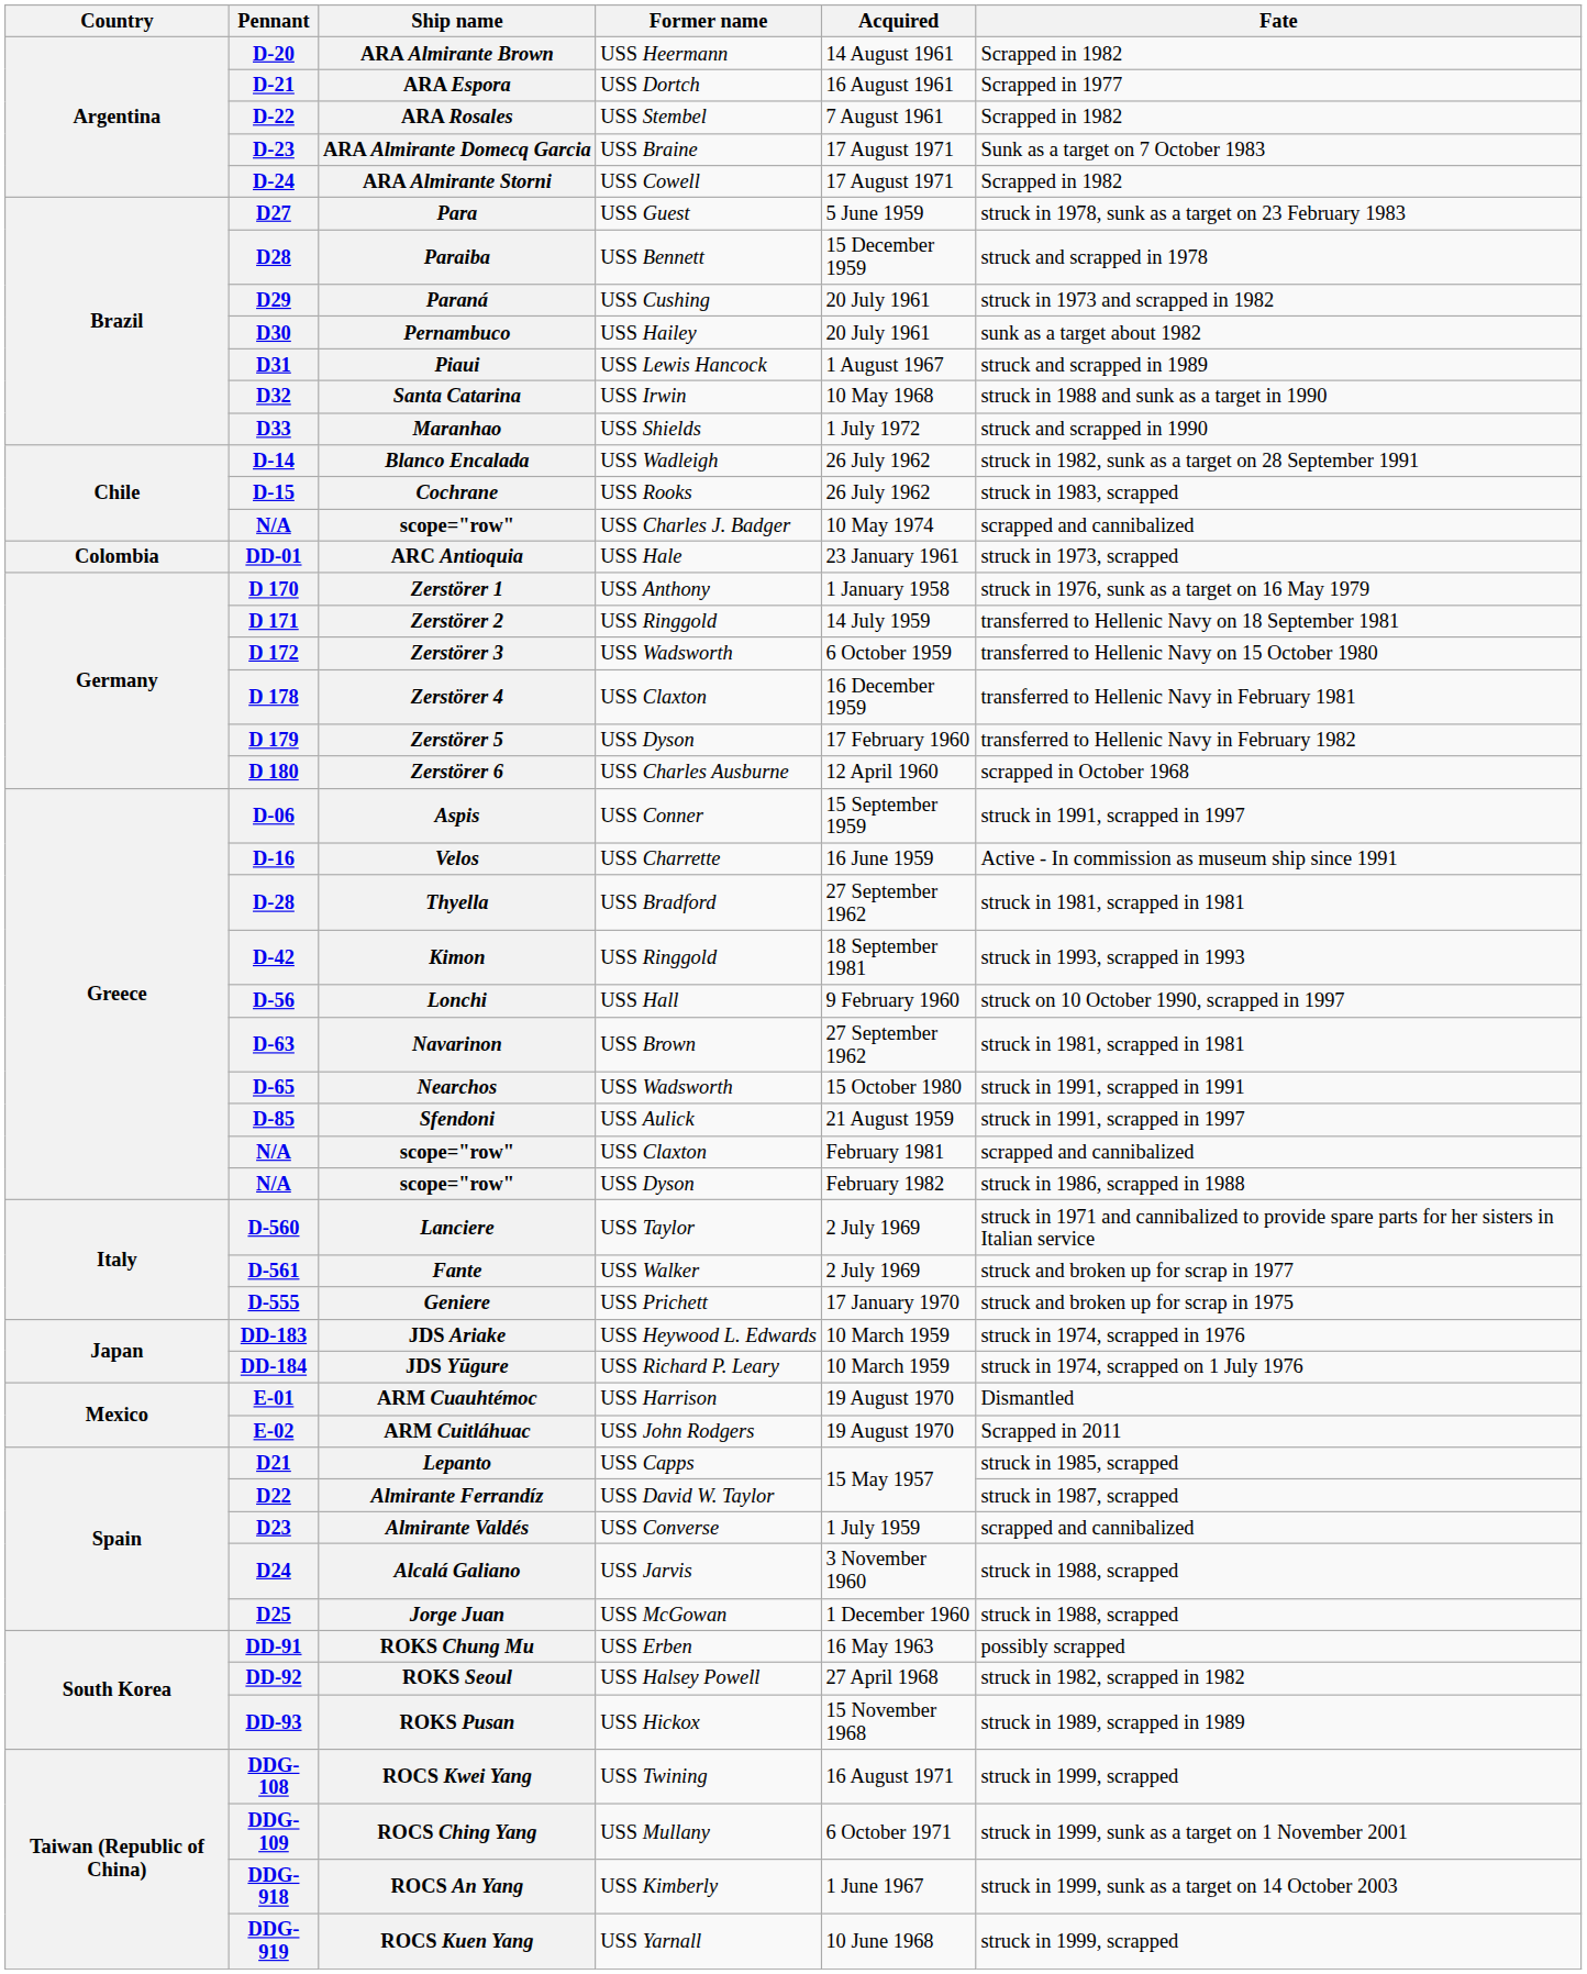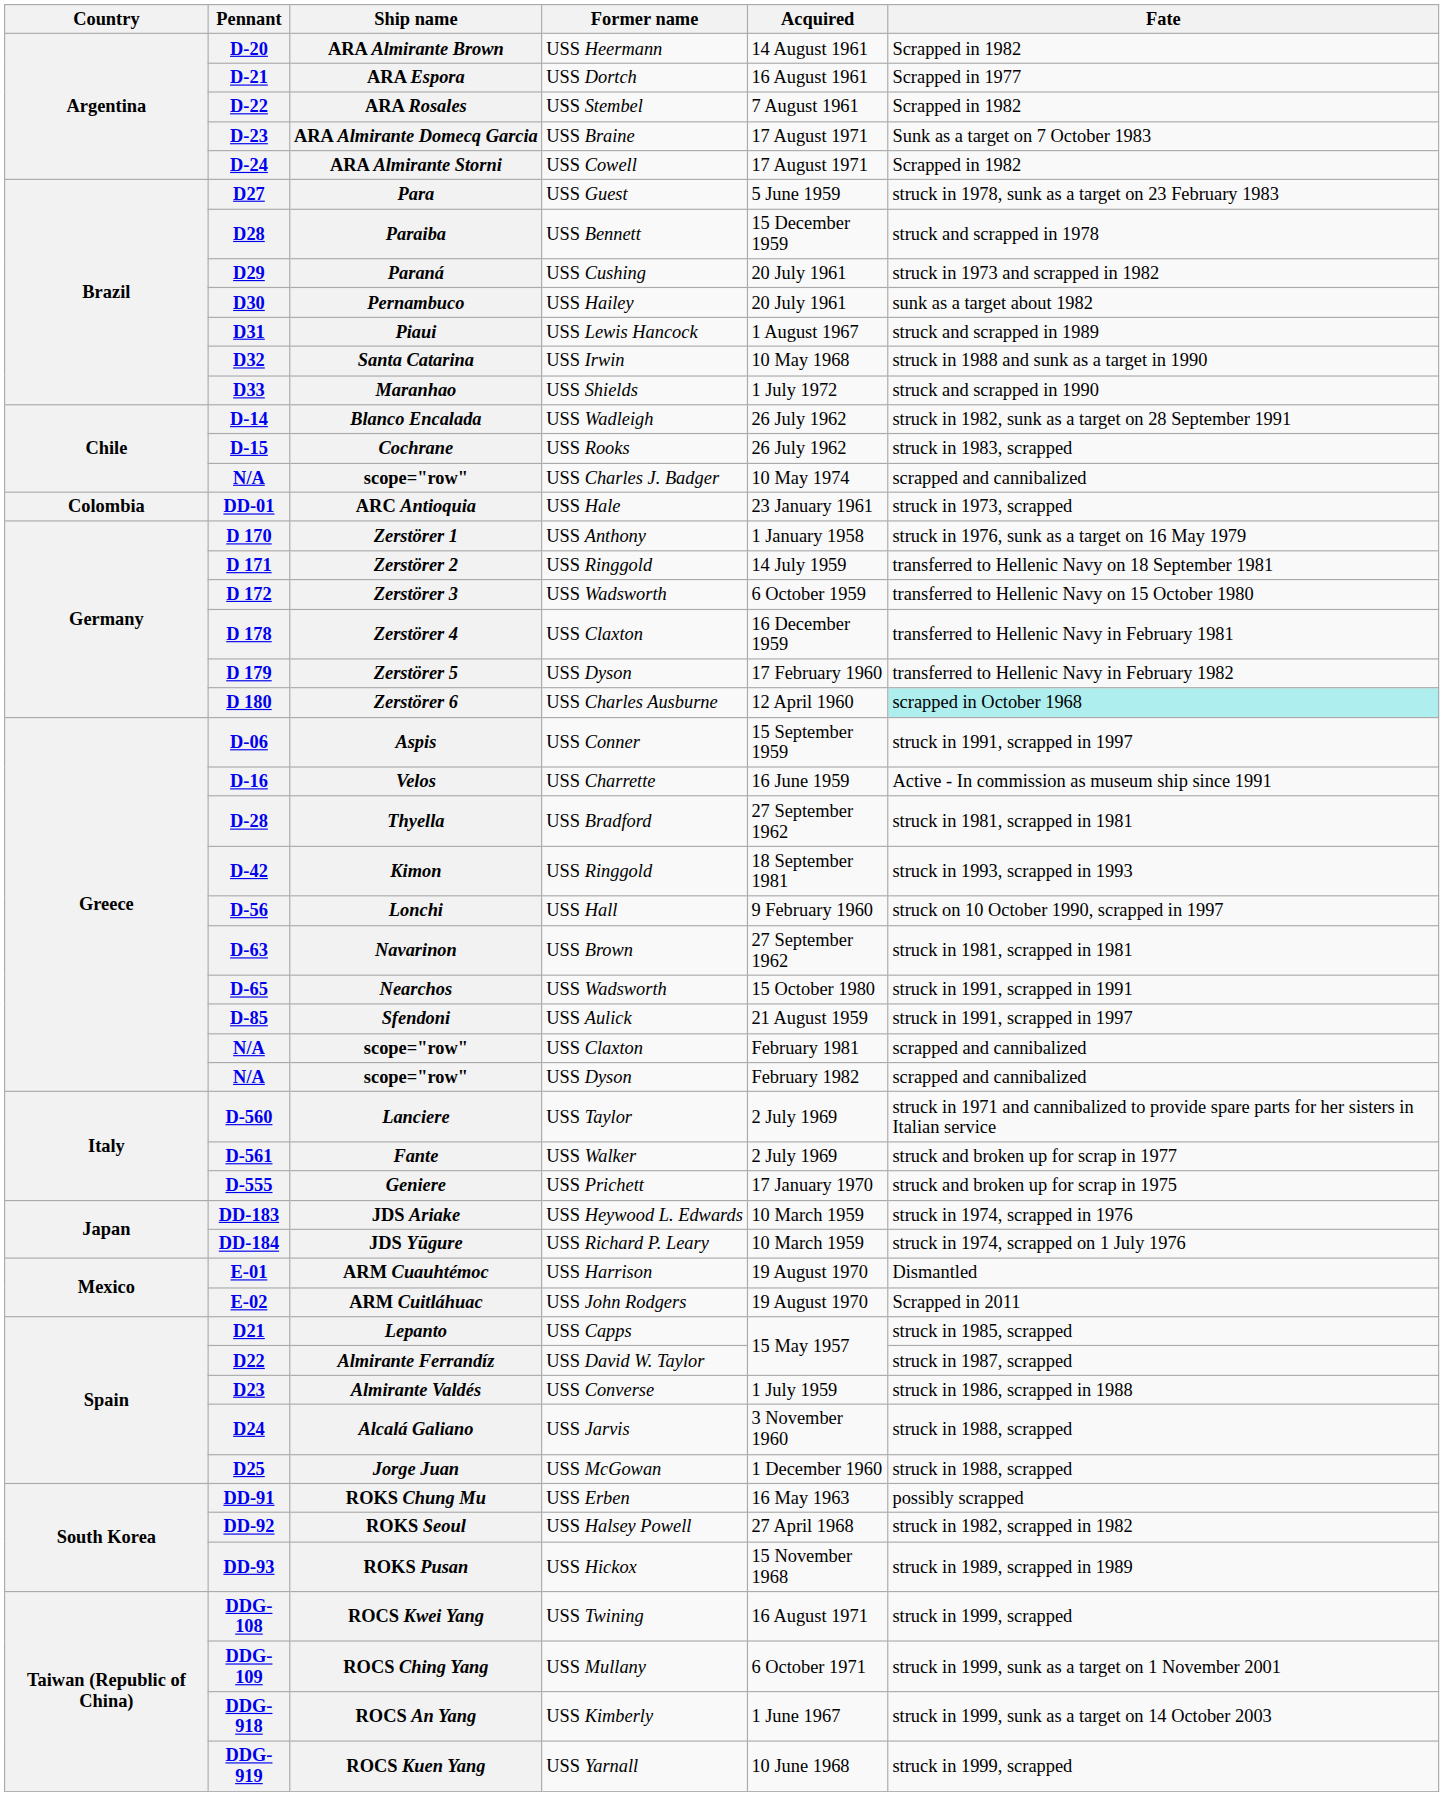 <table class="wikitable sortable plainrowheaders">
 <tr>
 <th scope="col">Country</th>
 <th scope="col">Pennant</th>
 <th scope="col">Ship name</th>
 <th scope="col">Former name</th>
 <th scope="col">Acquired</th>
 <th scope="col">Fate</th>
 </tr>
 <tr>
 <th scope="row" rowspan=5>Argentina</th>
 <th scope="row"><a href='#'>D-20</a></th>
 <th scope="row">ARA <em>Almirante Brown</em></th>
 <td>USS <em>Heermann</em></td>
 <td>14 August 1961</td>
 <td data-sort-value="1982">Scrapped in 1982</td>
 </tr>
 <tr>
 <th scope="row"><a href='#'>D-21</a></th>
 <th scope="row">ARA <em>Espora</em></th>
 <td>USS <em>Dortch</em></td>
 <td>16 August 1961</td>
 <td data-sort-value="1977">Scrapped in 1977</td>
 </tr>
 <tr>
 <th scope="row"><a href='#'>D-22</a></th>
 <th scope="row">ARA <em>Rosales</em></th>
 <td>USS <em>Stembel</em></td>
 <td>7 August 1961</td>
 <td data-sort-value="1982">Scrapped in 1982</td>
 </tr>
 <tr>
 <th scope="row"><a href='#'>D-23</a></th>
 <th scope="row" style="white-space: nowrap;">ARA <em>Almirante Domecq Garcia</em></th>
 <td>USS <em>Braine</em></td>
 <td>17 August 1971</td>
 <td data-sort-value="1983">Sunk as a target on 7 October 1983</td>
 </tr>
 <tr>
 <th scope="row"><a href='#'>D-24</a></th>
 <th scope="row">ARA <em>Almirante Storni</em></th>
 <td>USS <em>Cowell</em></td>
 <td>17 August 1971</td>
 <td data-sort-value="1982">Scrapped in 1982</td>
 </tr>
 <tr>
 <th scope="row" rowspan=7>Brazil</th>
 <th scope="row"><a href='#'>D27</a></th>
 <th scope="row"><em>Para</em></th>
 <td>USS <em>Guest</em></td>
 <td>5 June 1959</td>
 <td data-sort-value="23 February 1983">struck in 1978, sunk as a target on 23 February 1983</td>
 </tr>
 <tr>
 <th scope="row"><a href='#'>D28</a></th>
 <th scope="row"><em>Paraiba</em></th>
 <td>USS <em>Bennett</em></td>
 <td>15 December 1959</td>
 <td data-sort-value="1978">struck and scrapped in 1978</td>
 </tr>
 <tr>
 <th scope="row"><a href='#'>D29</a></th>
 <th scope="row"><em>Paraná</em></th>
 <td>USS <em>Cushing</em></td>
 <td>20 July 1961</td>
 <td data-sort-value="1982">struck in 1973 and scrapped in 1982</td>
 </tr>
 <tr>
 <th scope="row"><a href='#'>D30</a></th>
 <th scope="row"><em>Pernambuco</em></th>
 <td>USS <em>Hailey</em></td>
 <td>20 July 1961</td>
 <td data-sort-value="1982">sunk as a target about 1982</td>
 </tr>
 <tr>
 <th scope="row"><a href='#'>D31</a></th>
 <th scope="row"><em>Piaui</em></th>
 <td>USS <em>Lewis Hancock</em></td>
 <td>1 August 1967</td>
 <td data-sort-value="1989">struck and scrapped in 1989</td>
 </tr>
 <tr>
 <th scope="row"><a href='#'>D32</a></th>
 <th scope="row"><em>Santa Catarina</em></th>
 <td>USS <em>Irwin</em></td>
 <td>10 May 1968</td>
 <td data-sort-value="1990">struck in 1988 and sunk as a target in 1990</td>
 </tr>
 <tr>
 <th scope="row"><a href='#'>D33</a></th>
 <th scope="row"><em>Maranhao</em></th>
 <td>USS <em>Shields</em></td>
 <td>1 July 1972</td>
 <td data-sort-value="1990">struck and scrapped in 1990</td>
 </tr>
 <tr>
 <th scope="row" rowspan=3>Chile</th>
 <th scope="row"><a href='#'>D-14</a></th>
 <th scope="row"><em>Blanco Encalada</em></th>
 <td>USS <em>Wadleigh</em></td>
 <td>26 July 1962</td>
 <td data-sort-value="29 September 1991">struck in 1982, sunk as a target on 28 September 1991</td>
 </tr>
 <tr>
 <th scope="row"><a href='#'>D-15</a></th>
 <th scope="row"><em>Cochrane</em></th>
 <td>USS <em>Rooks</em></td>
 <td>26 July 1962</td>
 <td data-sort-value="1983">struck in 1983, scrapped</td>
 </tr>
 <tr>
 <th scope="row"><a href='#'>N/A</a></th>
 <th>scope="row" </th>
 <td>USS <em>Charles J. Badger</em></td>
 <td>10 May 1974</td>
 <td>scrapped and cannibalized</td>
 </tr>
 <tr>
 <th scope="row">Colombia</th>
 <th scope="row"><a href='#'>DD-01</a></th>
 <th scope="row">ARC <em>Antioquia</em></th>
 <td>USS <em>Hale</em></td>
 <td>23 January 1961</td>
 <td data-sort-value="1973">struck in 1973, scrapped</td>
 </tr>
 <tr>
 <th scope="row" rowspan=6>Germany</th>
 <th scope="row"><a href='#'>D 170</a></th>
 <th scope="row"><em>Zerstörer 1</em></th>
 <td>USS <em>Anthony</em></td>
 <td>1 January 1958</td>
 <td data-sort-value="16 May 1979">struck in 1976, sunk as a target on 16 May 1979</td>
 </tr>
 <tr>
 <th scope="row"><a href='#'>D 171</a></th>
 <th scope="row"><em>Zerstörer 2</em></th>
 <td>USS <em>Ringgold</em></td>
 <td>14 July 1959</td>
 <td data-sort-value="18 September 1981">transferred to Hellenic Navy on 18 September 1981</td>
 </tr>
 <tr>
 <th scope="row"><a href='#'>D 172</a></th>
 <th scope="row"><em>Zerstörer 3</em></th>
 <td>USS <em>Wadsworth</em></td>
 <td>6 October 1959</td>
 <td data-sort-value="15 October 1980">transferred to Hellenic Navy on 15 October 1980</td>
 </tr>
 <tr>
 <th scope="row"><a href='#'>D 178</a></th>
 <th scope="row"><em>Zerstörer 4</em></th>
 <td>USS <em>Claxton</em></td>
 <td>16 December 1959</td>
 <td data-sort-value="February 1981">transferred to Hellenic Navy in February 1981</td>
 </tr>
 <tr>
 <th scope="row"><a href='#'>D 179</a></th>
 <th scope="row"><em>Zerstörer 5</em></th>
 <td>USS <em>Dyson</em></td>
 <td>17 February 1960</td>
 <td data-sort-value="February 1982">transferred to Hellenic Navy in February 1982</td>
 </tr>
 <tr>
 <th scope="row"><a href='#'>D 180</a></th>
 <th scope="row"><em>Zerstörer 6</em></th>
 <td>USS <em>Charles Ausburne</em></td>
 <td>12 April 1960</td>
-<td data-sort-value="October 1968">scrapped in October 1968</td>
+<td data-sort-value="October 1968" style="background: paleturquoise;">scrapped in October 1968</td>
 </tr>
 <tr>
 <th scope="row" rowspan=10>Greece</th>
 <th scope="row"><a href='#'>D-06</a></th>
 <th scope="row"><em>Aspis</em></th>
 <td>USS <em>Conner</em></td>
 <td>15 September 1959</td>
 <td data-sort-value="1997">struck in 1991, scrapped in 1997</td>
 </tr>
 <tr>
 <th scope="row"><a href='#'>D-16</a></th>
 <th scope="row"><em>Velos</em></th>
 <td>USS <em>Charrette</em></td>
 <td>16 June 1959</td>
 <td>Active - In commission as museum ship since 1991</td>
 </tr>
 <tr>
 <th scope="row"><a href='#'>D-28</a></th>
 <th scope="row"><em>Thyella</em></th>
 <td>USS <em>Bradford</em></td>
 <td>27 September 1962</td>
 <td data-sort-value="1981">struck in 1981, scrapped in 1981</td>
 </tr>
 <tr>
 <th scope="row"><a href='#'>D-42</a></th>
 <th scope="row"><em>Kimon</em></th>
 <td>USS <em>Ringgold</em></td>
 <td>18 September 1981</td>
 <td data-sort-value="1993">struck in 1993, scrapped in 1993</td>
 </tr>
 <tr>
 <th scope="row"><a href='#'>D-56</a></th>
 <th scope="row"><em>Lonchi</em></th>
 <td>USS <em>Hall</em></td>
 <td>9 February 1960</td>
 <td data-sort-value="1997">struck on 10 October 1990, scrapped in 1997</td>
 </tr>
 <tr>
 <th scope="row"><a href='#'>D-63</a></th>
 <th scope="row"><em>Navarinon</em></th>
 <td>USS <em>Brown</em></td>
 <td>27 September 1962</td>
 <td data-sort-value="1981">struck in 1981, scrapped in 1981</td>
 </tr>
 <tr>
 <th scope="row"><a href='#'>D-65</a></th>
 <th scope="row"><em>Nearchos</em></th>
 <td>USS <em>Wadsworth</em></td>
 <td>15 October 1980</td>
 <td data-sort-value="1991">struck in 1991, scrapped in 1991</td>
 </tr>
 <tr>
 <th scope="row"><a href='#'>D-85</a></th>
 <th scope="row"><em>Sfendoni</em></th>
 <td>USS <em>Aulick</em></td>
 <td>21 August 1959</td>
 <td data-sort-value="1997">struck in 1991, scrapped in 1997</td>
 </tr>
 <tr>
 <th scope="row"><a href='#'>N/A</a></th>
 <th>scope="row" </th>
 <td>USS <em>Claxton</em></td>
 <td>February 1981</td>
 <td>scrapped and cannibalized</td>
 </tr>
 <tr>
 <th scope="row"><a href='#'>N/A</a></th>
 <th>scope="row" </th>
 <td>USS <em>Dyson</em></td>
 <td>February 1982</td>
-<td data-sort-value="1988">struck in 1986, scrapped in 1988</td>
+<td>scrapped and cannibalized</td>
 </tr>
 <tr>
 <th scope="row" rowspan=3>Italy</th>
 <th scope="row"><a href='#'>D-560</a></th>
 <th scope="row"><em>Lanciere</em></th>
 <td>USS <em>Taylor</em></td>
 <td>2 July 1969</td>
 <td data-sort-value="1971">struck in 1971 and cannibalized to provide spare parts for her sisters in Italian service</td>
 </tr>
 <tr>
 <th scope="row"><a href='#'>D-561</a></th>
 <th scope="row"><em>Fante</em></th>
 <td>USS <em>Walker</em></td>
 <td>2 July 1969</td>
 <td data-sort-value="1977">struck and broken up for scrap in 1977</td>
 </tr>
 <tr>
 <th scope="row"><a href='#'>D-555</a></th>
 <th scope="row"><em>Geniere</em></th>
 <td>USS <em>Prichett</em></td>
 <td>17 January 1970</td>
 <td data-sort-value="1975">struck and broken up for scrap in 1975</td>
 </tr>
 <tr>
 <th scope="row" rowspan=2>Japan</th>
 <th scope="row"><a href='#'>DD-183</a></th>
 <th scope="row">JDS <em>Ariake</em></th>
 <td style="white-space: nowrap;">USS <em>Heywood L. Edwards</em></td>
 <td>10 March 1959</td>
 <td data-sort-value="1976">struck in 1974, scrapped in 1976</td>
 </tr>
 <tr>
 <th scope="row"><a href='#'>DD-184</a></th>
 <th scope="row">JDS <em>Yūgure</em></th>
 <td>USS <em>Richard P. Leary</em></td>
 <td>10 March 1959</td>
 <td data-sort-value="1 July 1976">struck in 1974, scrapped on 1 July 1976</td>
 </tr>
 <tr>
 <th scope="row" rowspan=2>Mexico</th>
 <th scope="row"><a href='#'>E-01</a></th>
 <th scope="row">ARM <em>Cuauhtémoc</em></th>
 <td>USS <em>Harrison</em></td>
 <td>19 August 1970</td>
 <td>Dismantled</td>
 </tr>
 <tr>
 <th scope="row"><a href='#'>E-02</a></th>
 <th scope="row">ARM <em>Cuitláhuac</em></th>
 <td>USS <em>John Rodgers</em></td>
 <td>19 August 1970</td>
 <td data-sort-value="2011">Scrapped in 2011</td>
 </tr>
 <tr>
 <th scope="row" rowspan=5>Spain</th>
 <th scope="row"><a href='#'>D21</a></th>
 <th scope="row"><em>Lepanto</em></th>
 <td>USS <em>Capps</em></td>
 <td rowspan="2">15 May 1957</td>
 <td data-sort-value="1985">struck in 1985, scrapped</td>
 </tr>
 <tr>
 <th scope="row"><a href='#'>D22</a></th>
 <th scope="row"><em>Almirante Ferrandíz</em></th>
 <td>USS <em>David W. Taylor</em></td>
 <td data-sort-value="1987">struck in 1987, scrapped</td>
 </tr>
 <tr>
 <th scope="row"><a href='#'>D23</a></th>
 <th scope="row"><em>Almirante Valdés</em></th>
 <td>USS <em>Converse</em></td>
 <td>1 July 1959</td>
-<td>scrapped and cannibalized</td>
+<td data-sort-value="1988">struck in 1986, scrapped in 1988</td>
 </tr>
 <tr>
 <th scope="row"><a href='#'>D24</a></th>
 <th scope="row"><em>Alcalá Galiano</em></th>
 <td>USS <em>Jarvis</em></td>
 <td>3 November 1960</td>
 <td data-sort-value="1988">struck in 1988, scrapped</td>
 </tr>
 <tr>
 <th scope="row"><a href='#'>D25</a></th>
 <th scope="row"><em>Jorge Juan</em></th>
 <td>USS <em>McGowan</em></td>
 <td>1 December 1960</td>
 <td data-sort-value="1988">struck in 1988, scrapped</td>
 </tr>
 <tr>
 <th scope="row" rowspan=3>South Korea</th>
 <th scope="row"><a href='#'>DD-91</a></th>
 <th scope="row">ROKS <em>Chung Mu</em></th>
 <td>USS <em>Erben</em></td>
 <td>16 May 1963</td>
 <td>possibly scrapped</td>
 </tr>
 <tr>
 <th scope="row"><a href='#'>DD-92</a></th>
 <th scope="row">ROKS <em>Seoul</em></th>
 <td>USS <em>Halsey Powell</em></td>
 <td>27 April 1968</td>
 <td data-sort-value="1982">struck in 1982, scrapped in 1982</td>
 </tr>
 <tr>
 <th scope="row"><a href='#'>DD-93</a></th>
 <th scope="row">ROKS <em>Pusan</em></th>
 <td>USS <em>Hickox</em></td>
 <td>15 November 1968</td>
 <td data-sort-value="1989">struck in 1989, scrapped in 1989</td>
 </tr>
 <tr>
 <th scope="row" rowspan=4>Taiwan (Republic of China)</th>
 <th scope="row"><a href='#'>DDG-108</a></th>
 <th scope="row">ROCS <em>Kwei Yang</em></th>
 <td>USS <em>Twining</em></td>
 <td>16 August 1971</td>
 <td data-sort-value="1999">struck in 1999, scrapped</td>
 </tr>
 <tr>
 <th scope="row"><a href='#'>DDG-109</a></th>
 <th scope="row">ROCS <em>Ching Yang</em></th>
 <td>USS <em>Mullany</em></td>
 <td>6 October 1971</td>
 <td data-sort-value="1 November 2001">struck in 1999, sunk as a target on 1 November 2001</td>
 </tr>
 <tr>
 <th scope="row"><a href='#'>DDG-918</a></th>
 <th scope="row">ROCS <em>An Yang</em></th>
 <td>USS <em>Kimberly</em></td>
 <td>1 June 1967</td>
 <td data-sort-value="14 October 2003">struck in 1999, sunk as a target on 14 October 2003</td>
 </tr>
 <tr>
 <th scope="row"><a href='#'>DDG-919</a></th>
 <th scope="row">ROCS <em>Kuen Yang</em></th>
 <td>USS <em>Yarnall</em></td>
 <td>10 June 1968</td>
 <td data-sort-value="1999">struck in 1999, scrapped</td>
 </tr>
 </table>
